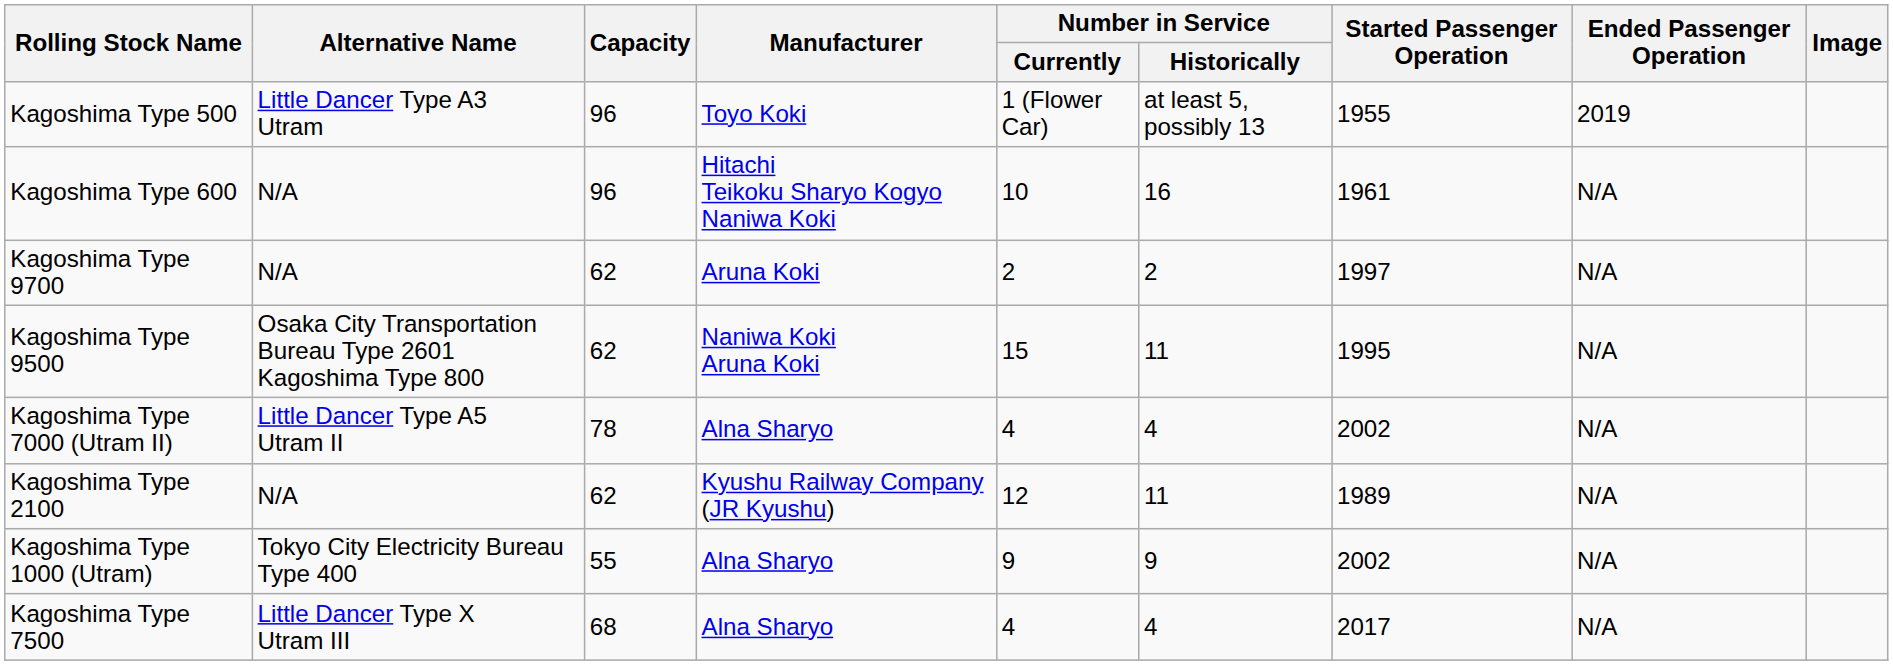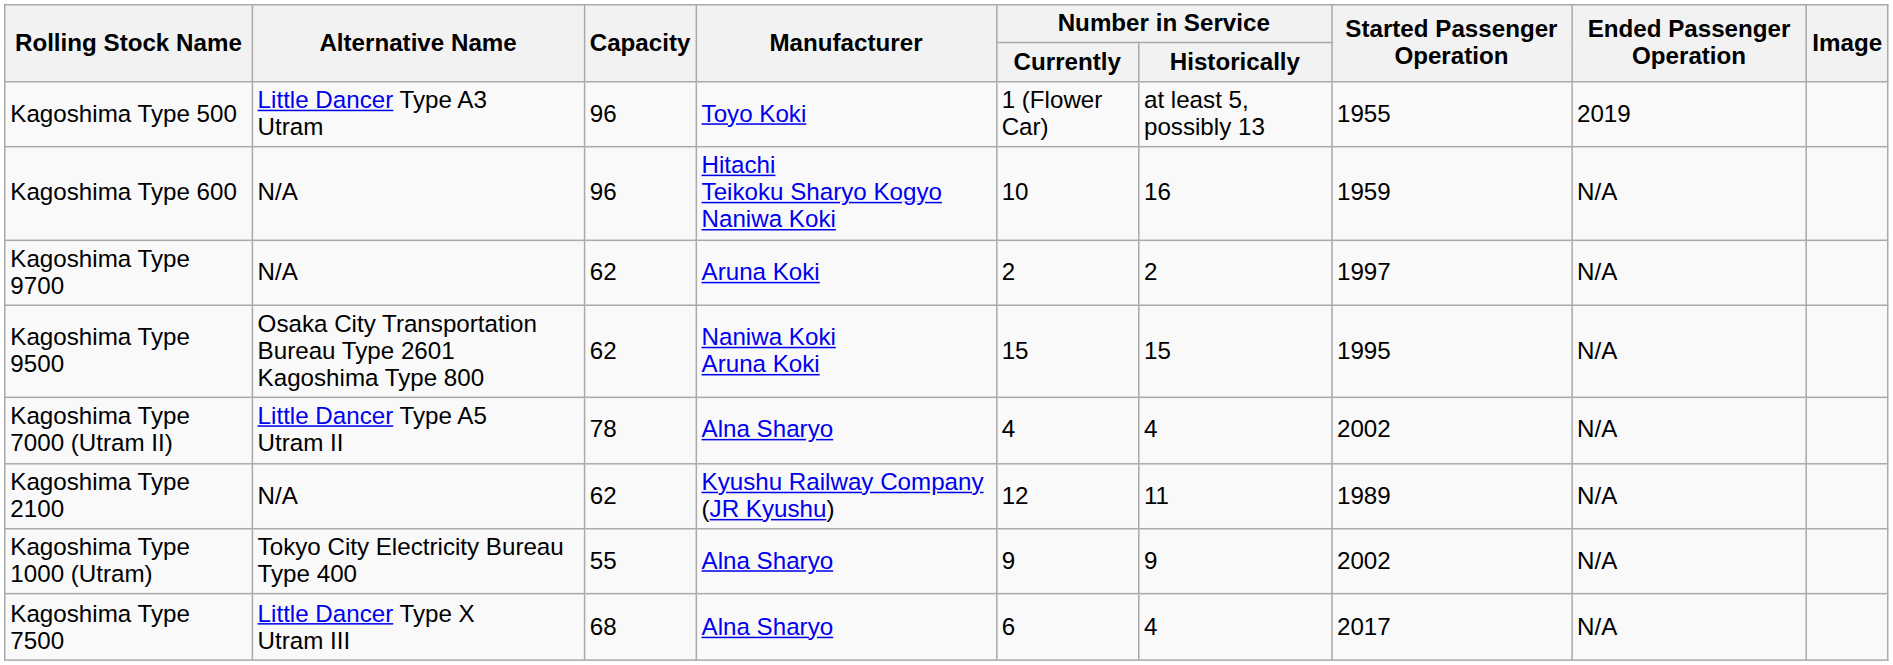 <table class="wikitable">
 <tr>
 <th rowspan="2">Rolling Stock Name</th>
 <th rowspan="2">Alternative Name</th>
 <th rowspan="2">Capacity</th>
 <th rowspan="2">Manufacturer</th>
 <th colspan="2">Number in Service</th>
 <th rowspan="2">Started Passenger Operation</th>
 <th rowspan="2">Ended Passenger Operation</th>
 <th rowspan="2">Image</th>
 </tr>
 <tr>
 <th>Currently</th>
 <th>Historically</th>
 </tr>
 <tr>
 <td>Kagoshima Type 500</td>
 <td><a href='#'>Little Dancer</a> Type A3<br>Utram</td>
 <td>96</td>
 <td><a href='#'>Toyo Koki</a></td>
 <td>1 (Flower Car)</td>
 <td>at least 5, possibly 13</td>
 <td>1955</td>
 <td>2019</td>
 <td></td>
 </tr>
 <tr>
 <td>Kagoshima Type 600</td>
 <td>N/A</td>
 <td>96</td>
 <td><a href='#'>Hitachi</a><br><a href='#'>Teikoku Sharyo Kogyo</a> <a href='#'>Naniwa Koki</a></td>
 <td>10</td>
 <td>16</td>
-<td>1961</td>
+<td>1959</td>
 <td>N/A</td>
 <td></td>
 </tr>
 <tr>
 <td>Kagoshima Type 9700</td>
 <td>N/A</td>
 <td>62</td>
 <td><a href='#'>Aruna Koki</a></td>
 <td>2</td>
 <td>2</td>
 <td>1997</td>
 <td>N/A</td>
 <td></td>
 </tr>
 <tr>
 <td>Kagoshima Type 9500</td>
 <td>Osaka City Transportation Bureau Type 2601<br>Kagoshima Type 800</td>
 <td>62</td>
 <td><a href='#'>Naniwa Koki</a><br><a href='#'>Aruna Koki</a></td>
 <td>15</td>
-<td>11</td>
+<td>15</td>
 <td>1995</td>
 <td>N/A</td>
 <td></td>
 </tr>
 <tr>
 <td>Kagoshima Type 7000 (Utram II)</td>
 <td><a href='#'>Little Dancer</a> Type A5<br>Utram II</td>
 <td>78</td>
 <td><a href='#'>Alna Sharyo</a></td>
 <td>4</td>
 <td>4</td>
 <td>2002</td>
 <td>N/A</td>
 <td></td>
 </tr>
 <tr>
 <td>Kagoshima Type 2100</td>
 <td>N/A</td>
 <td>62</td>
 <td><a href='#'>Kyushu Railway Company</a> (<a href='#'>JR Kyushu</a>)</td>
 <td>12</td>
 <td>11</td>
 <td>1989</td>
 <td>N/A</td>
 <td></td>
 </tr>
 <tr>
 <td>Kagoshima Type 1000 (Utram)</td>
 <td>Tokyo City Electricity Bureau Type 400</td>
 <td>55</td>
 <td><a href='#'>Alna Sharyo</a></td>
 <td>9</td>
 <td>9</td>
 <td>2002</td>
 <td>N/A</td>
 <td></td>
 </tr>
 <tr>
 <td>Kagoshima Type 7500</td>
 <td><a href='#'>Little Dancer</a> Type X<br>Utram III</td>
 <td>68</td>
 <td><a href='#'>Alna Sharyo</a></td>
-<td>4</td>
+<td>6</td>
 <td>4</td>
 <td>2017</td>
 <td>N/A</td>
 <td></td>
 </tr>
 </table>
